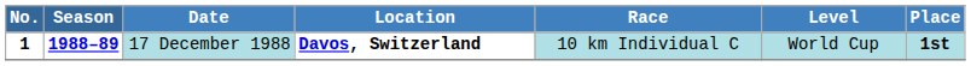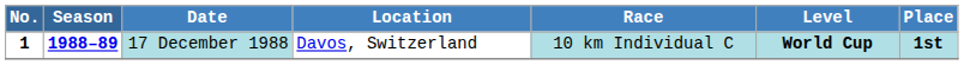 <table class="wikitable sortable" style="font-size:95%; text-align:center; border:grey solid 1px; border-collapse:collapse; background:#ffffff;">
 <tr style="background:#efefef;">
 <th style="background-color:#369; color:white;">No.</th>
 <th style="background-color:#369; color:white;">Season</th>
 <th style="background-color:#4180be; color:white; width:120px;">Date</th>
 <th style="background-color:#4180be; color:white; width:170px;">Location</th>
 <th style="background-color:#4180be; color:white; width:160px;">Race</th>
 <th style="background-color:#4180be; color:white; width:100px;">Level</th>
 <th style="background-color:#4180be; color:white;">Place</th>
 </tr>
 <tr>
 <td align=center><strong>1</strong></td>
 <td rowspan= align=center><strong><a href='#'>1988–89</a></strong></td>
 <td bgcolor="#BOEOE6" align=right>17 December 1988</td>
-<td align=left><strong> <a href='#'>Davos</a>, Switzerland</strong></td>
+<td align=left> <a href='#'>Davos</a>, Switzerland</td>
 <td bgcolor="#BOEOE6">10 km Individual C</td>
-<td bgcolor="#BOEOE6">World Cup</td>
+<td bgcolor="#BOEOE6"><strong>World Cup</strong></td>
 <td bgcolor="#BOEOE6"><strong>1st</strong></td>
 </tr>
 <tr>
 </tr>
 </table>
